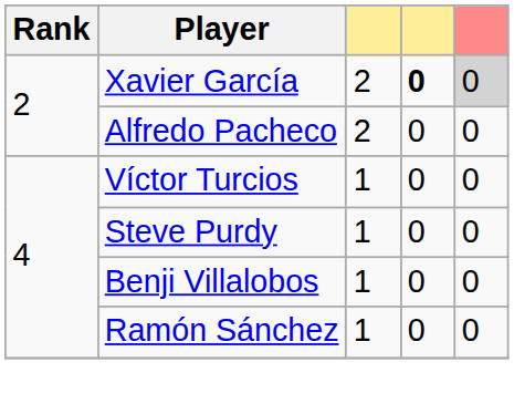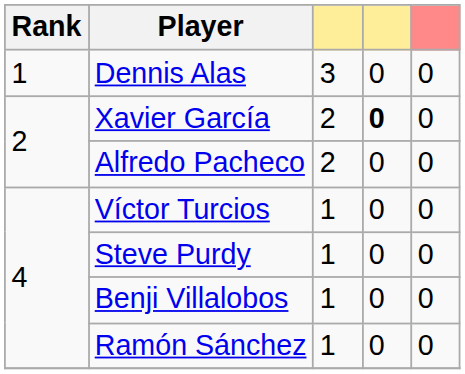 <table class="wikitable" border="1">
 <tr>
 <th>Rank</th>
 <th>Player</th>
 <th width=20 style="background: #FFEE99"></th>
 <th width=20 style="background: #FFEE99"></th>
 <th width=20 style="background: #FF8888"></th>
 </tr>
 <tr>
+<td>1</td>
+<td><a href='#'>Dennis Alas</a></td>
+<td>3</td>
+<td>0</td>
+<td>0</td>
+</tr>
+<tr>
 <td rowspan=2>2</td>
 <td><a href='#'>Xavier García</a></td>
 <td>2</td>
 <td><strong>0</strong></td>
-<td style="background: lightgrey;">0</td>
+<td>0</td>
 </tr>
 <tr>
 <td><a href='#'>Alfredo Pacheco</a></td>
 <td>2</td>
 <td>0</td>
 <td>0</td>
 </tr>
 <tr>
 <td rowspan=4>4</td>
 <td><a href='#'>Víctor Turcios</a></td>
 <td>1</td>
 <td>0</td>
 <td>0</td>
 </tr>
 <tr>
 <td><a href='#'>Steve Purdy</a></td>
 <td>1</td>
 <td>0</td>
 <td>0</td>
 </tr>
 <tr>
 <td><a href='#'>Benji Villalobos</a></td>
 <td>1</td>
 <td>0</td>
 <td>0</td>
 </tr>
 <tr>
 <td><a href='#'>Ramón Sánchez</a></td>
 <td>1</td>
 <td>0</td>
 <td>0</td>
 </tr>
 <tr>
 </tr>
 </table>
